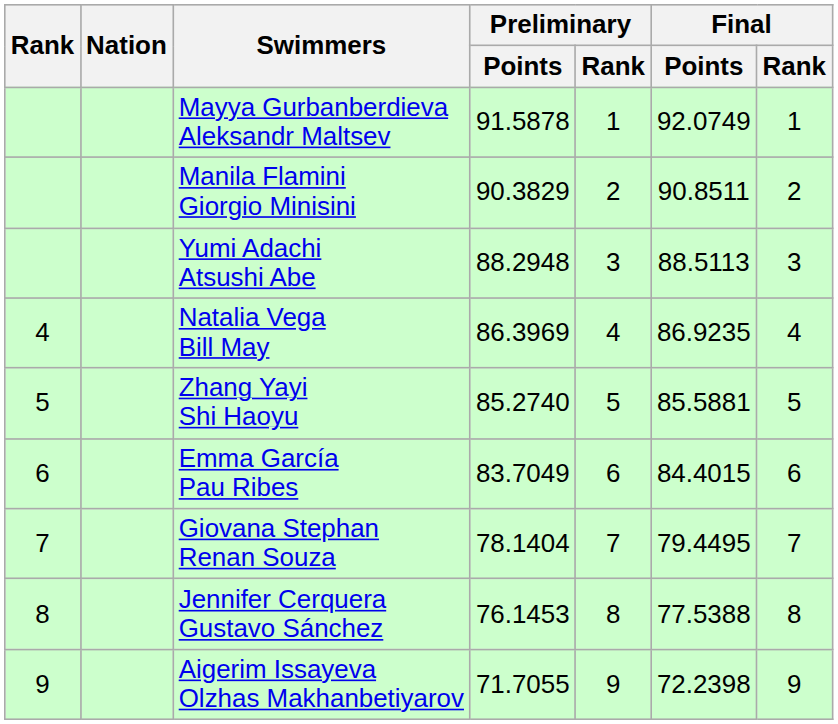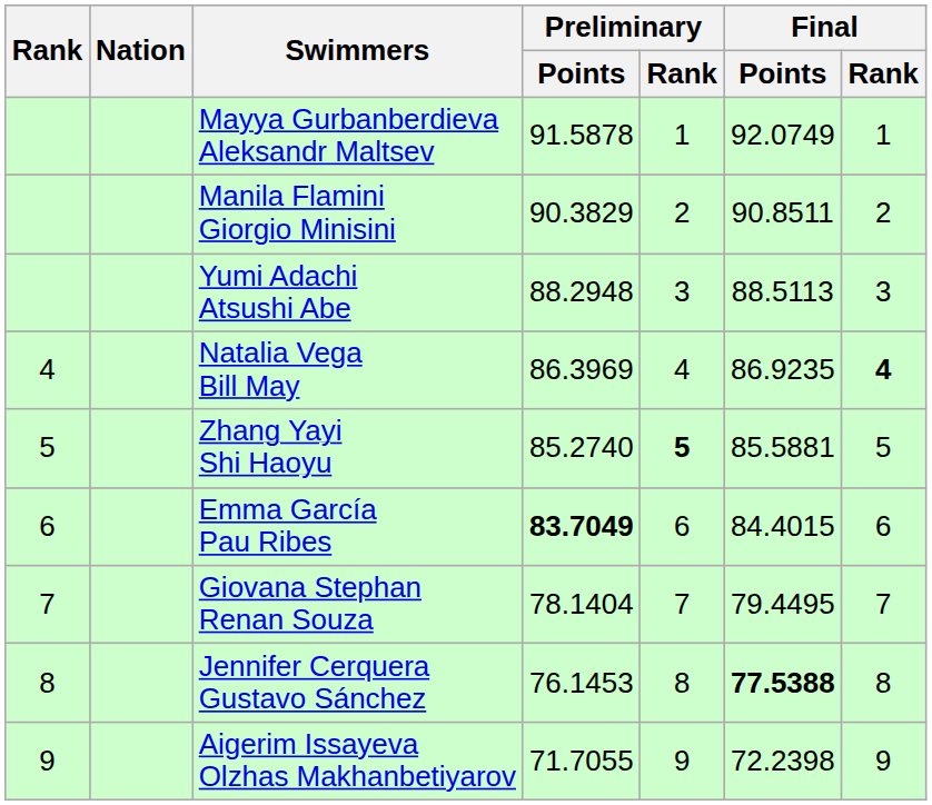 <table class="wikitable sortable" style="text-align:center">
 <tr>
 <th rowspan=2>Rank</th>
 <th rowspan=2>Nation</th>
 <th rowspan=2>Swimmers</th>
 <th colspan=2>Preliminary</th>
 <th colspan=2>Final</th>
 </tr>
 <tr>
 <th>Points</th>
 <th>Rank</th>
 <th>Points</th>
 <th>Rank</th>
 </tr>
 <tr bgcolor=ccffcc>
 <td></td>
 <td align=left></td>
 <td align=left><a href='#'>Mayya Gurbanberdieva</a><br><a href='#'>Aleksandr Maltsev</a></td>
 <td>91.5878</td>
 <td>1</td>
 <td>92.0749</td>
 <td>1</td>
 </tr>
 <tr bgcolor=ccffcc>
 <td></td>
 <td align=left></td>
 <td align=left><a href='#'>Manila Flamini</a><br><a href='#'>Giorgio Minisini</a></td>
 <td>90.3829</td>
 <td>2</td>
 <td>90.8511</td>
 <td>2</td>
 </tr>
 <tr bgcolor=ccffcc>
 <td></td>
 <td align=left></td>
 <td align=left><a href='#'>Yumi Adachi</a><br><a href='#'>Atsushi Abe</a></td>
 <td>88.2948</td>
 <td>3</td>
 <td>88.5113</td>
 <td>3</td>
 </tr>
 <tr bgcolor=ccffcc>
 <td>4</td>
 <td align=left></td>
 <td align=left><a href='#'>Natalia Vega</a><br><a href='#'>Bill May</a></td>
 <td>86.3969</td>
 <td>4</td>
 <td>86.9235</td>
-<td>4</td>
+<td><strong>4</strong></td>
 </tr>
 <tr bgcolor=ccffcc>
 <td>5</td>
 <td align=left></td>
 <td align=left><a href='#'>Zhang Yayi</a><br><a href='#'>Shi Haoyu</a></td>
 <td>85.2740</td>
-<td>5</td>
+<td><strong>5</strong></td>
 <td>85.5881</td>
 <td>5</td>
 </tr>
 <tr bgcolor=ccffcc>
 <td>6</td>
 <td align=left></td>
 <td align=left><a href='#'>Emma García</a><br><a href='#'>Pau Ribes</a></td>
-<td>83.7049</td>
+<td><strong>83.7049</strong></td>
 <td>6</td>
 <td>84.4015</td>
 <td>6</td>
 </tr>
 <tr bgcolor=ccffcc>
 <td>7</td>
 <td align=left></td>
 <td align=left><a href='#'>Giovana Stephan</a><br><a href='#'>Renan Souza</a></td>
 <td>78.1404</td>
 <td>7</td>
 <td>79.4495</td>
 <td>7</td>
 </tr>
 <tr bgcolor=ccffcc>
 <td>8</td>
 <td align=left></td>
 <td align=left><a href='#'>Jennifer Cerquera</a><br><a href='#'>Gustavo Sánchez</a></td>
 <td>76.1453</td>
 <td>8</td>
-<td>77.5388</td>
+<td><strong>77.5388</strong></td>
 <td>8</td>
 </tr>
 <tr bgcolor=ccffcc>
 <td>9</td>
 <td align=left></td>
 <td align=left><a href='#'>Aigerim Issayeva</a><br><a href='#'>Olzhas Makhanbetiyarov</a></td>
 <td>71.7055</td>
 <td>9</td>
 <td>72.2398</td>
 <td>9</td>
 </tr>
 </table>
